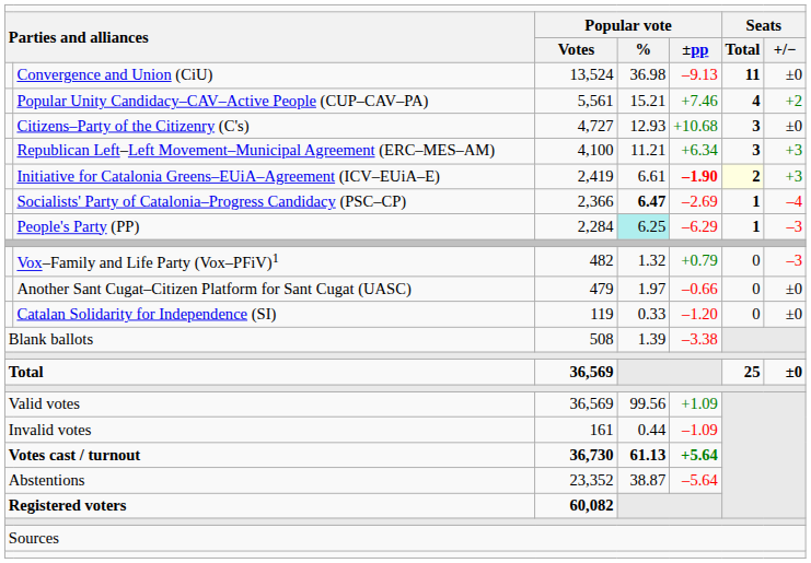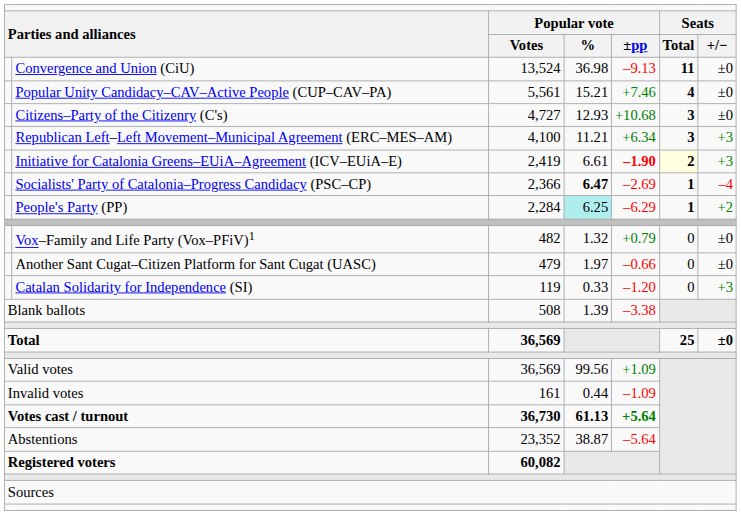 <table class="wikitable" style="text-align:right;">
 <tr>
 <td colspan="7"></td>
 </tr>
 <tr>
 <th style="text-align:left;" rowspan="2" colspan="2" width="525">Parties and alliances</th>
 <th colspan="3">Popular vote</th>
 <th colspan="2">Seats</th>
 </tr>
 <tr>
 <th width="75">Votes</th>
 <th width="45">%</th>
 <th width="45">±<a href='#'>pp</a></th>
 <th width="35">Total</th>
 <th width="35">+/−</th>
 </tr>
 <tr>
 <td width="1" style="color:inherit;background:"></td>
 <td align="left"><a href='#'>Convergence and Union</a> (CiU)</td>
 <td>13,524</td>
 <td>36.98</td>
 <td style="color:red;">–9.13</td>
 <td><strong>11</strong></td>
 <td>±0</td>
 </tr>
 <tr>
 <td style="color:inherit;background:"></td>
 <td align="left"><a href='#'>Popular Unity Candidacy–CAV–Active People</a> (CUP–CAV–PA)</td>
 <td>5,561</td>
 <td>15.21</td>
 <td style="color:green;">+7.46</td>
 <td><strong>4</strong></td>
-<td style="color:green;">+2</td>
+<td>±0</td>
 </tr>
 <tr>
 <td style="color:inherit;background:"></td>
 <td align="left"><a href='#'>Citizens–Party of the Citizenry</a> (C's)</td>
 <td>4,727</td>
 <td>12.93</td>
 <td style="color:green;">+10.68</td>
 <td><strong>3</strong></td>
 <td>±0</td>
 </tr>
 <tr>
 <td style="color:inherit;background:"></td>
 <td align="left"><a href='#'>Republican Left</a>–<a href='#'>Left Movement–Municipal Agreement</a> (ERC–MES–AM)</td>
 <td>4,100</td>
 <td>11.21</td>
 <td style="color:green;">+6.34</td>
 <td><strong>3</strong></td>
 <td style="color:green;">+3</td>
 </tr>
 <tr>
 <td style="color:inherit;background:"></td>
 <td align="left"><a href='#'>Initiative for Catalonia Greens–EUiA–Agreement</a> (ICV–EUiA–E)</td>
 <td>2,419</td>
 <td>6.61</td>
 <td style="color:red;"><strong>–1.90</strong></td>
 <td style="background: lightyellow;"><strong>2</strong></td>
 <td style="color:green;">+3</td>
 </tr>
 <tr>
 <td style="color:inherit;background:"></td>
 <td align="left"><a href='#'>Socialists' Party of Catalonia–Progress Candidacy</a> (PSC–CP)</td>
 <td>2,366</td>
 <td><strong>6.47</strong></td>
 <td style="color:red;">–2.69</td>
 <td><strong>1</strong></td>
 <td style="color:red;">–4</td>
 </tr>
 <tr>
 <td style="color:inherit;background:"></td>
 <td align="left"><a href='#'>People's Party</a> (PP)</td>
 <td>2,284</td>
 <td style="background: paleturquoise;">6.25</td>
 <td style="color:red;">–6.29</td>
 <td><strong>1</strong></td>
-<td style="color:red;">–3</td>
+<td style="color:green;">+2</td>
 </tr>
 <tr>
 <td colspan="7" style="color:inherit;background:#C0C0C0"></td>
 </tr>
 <tr>
 <td style="color:inherit;background:"></td>
 <td align="left"><a href='#'>Vox</a>–Family and Life Party (Vox–PFiV)<sup>1</sup></td>
 <td>482</td>
 <td>1.32</td>
 <td style="color:green;">+0.79</td>
 <td>0</td>
-<td style="color:red;">–3</td>
+<td>±0</td>
 </tr>
 <tr>
 <td style="color:inherit;background:"></td>
 <td align="left">Another Sant Cugat–Citizen Platform for Sant Cugat (UASC)</td>
 <td>479</td>
 <td>1.97</td>
 <td style="color:red;">–0.66</td>
 <td>0</td>
 <td>±0</td>
 </tr>
 <tr>
 <td style="color:inherit;background:"></td>
 <td align="left"><a href='#'>Catalan Solidarity for Independence</a> (SI)</td>
 <td>119</td>
 <td>0.33</td>
 <td style="color:red;">–1.20</td>
 <td>0</td>
-<td>±0</td>
+<td style="color:green;">+3</td>
 </tr>
 <tr>
 <td align="left" colspan="2">Blank ballots</td>
 <td>508</td>
 <td>1.39</td>
 <td style="color:red;">–3.38</td>
 <td style="color:inherit;background:#E9E9E9" colspan="2"></td>
 </tr>
 <tr>
 <td colspan="7" style="color:inherit;background:#E9E9E9"></td>
 </tr>
 <tr style="font-weight:bold;">
 <td align="left" colspan="2">Total</td>
 <td>36,569</td>
 <td bgcolor="#E9E9E9" colspan="2"></td>
 <td>25</td>
 <td>±0</td>
 </tr>
 <tr>
 <td colspan="7" style="color:inherit;background:#E9E9E9"></td>
 </tr>
 <tr>
 <td align="left" colspan="2">Valid votes</td>
 <td>36,569</td>
 <td>99.56</td>
 <td style="color:green;">+1.09</td>
 <td bgcolor="#E9E9E9" colspan="2" rowspan="5"></td>
 </tr>
 <tr>
 <td align="left" colspan="2">Invalid votes</td>
 <td>161</td>
 <td>0.44</td>
 <td style="color:red;">–1.09</td>
 </tr>
 <tr style="font-weight:bold;">
 <td align="left" colspan="2">Votes cast / turnout</td>
 <td>36,730</td>
 <td>61.13</td>
 <td style="color:green;">+5.64</td>
 </tr>
 <tr>
 <td align="left" colspan="2">Abstentions</td>
 <td>23,352</td>
 <td>38.87</td>
 <td style="color:red;">–5.64</td>
 </tr>
 <tr style="font-weight:bold;">
 <td align="left" colspan="2">Registered voters</td>
 <td>60,082</td>
 <td bgcolor="#E9E9E9" colspan="2"></td>
 </tr>
 <tr>
 <td colspan="7" style="color:inherit;background:#E9E9E9"></td>
 </tr>
 <tr>
 <td align="left" colspan="7">Sources</td>
 </tr>
 <tr>
 <td colspan="7" style="text-align:left; max-width:790px;"></td>
 </tr>
 </table>
